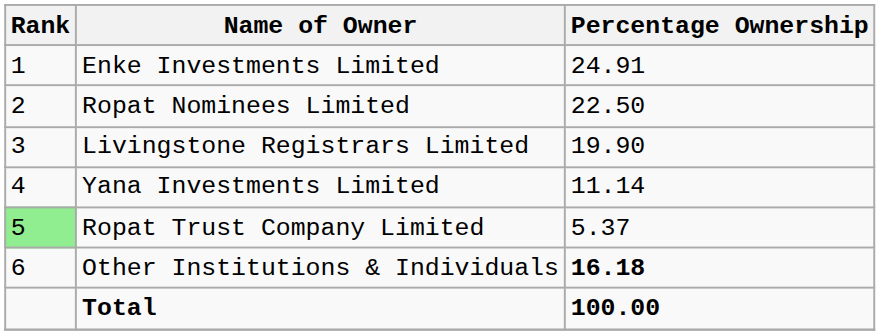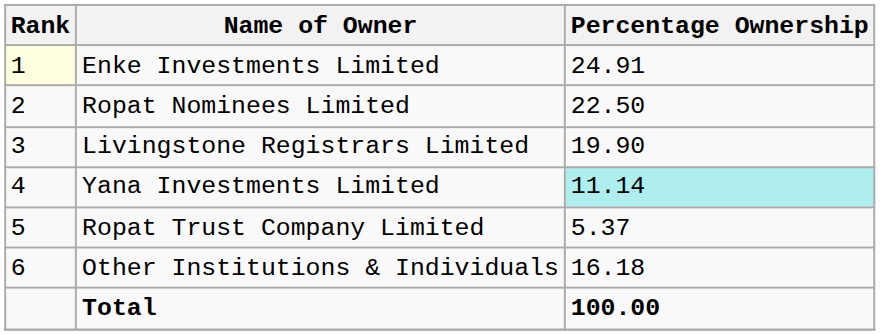 <table class="wikitable sortable" style="margin: 0.5em auto">
 <tr>
 <th>Rank</th>
 <th>Name of Owner</th>
 <th>Percentage Ownership</th>
 </tr>
 <tr>
-<td>1</td>
+<td style="background: lightyellow;">1</td>
 <td>Enke Investments Limited</td>
 <td>24.91</td>
 </tr>
 <tr>
 <td>2</td>
 <td>Ropat Nominees Limited</td>
 <td>22.50</td>
 </tr>
 <tr>
 <td>3</td>
 <td>Livingstone Registrars Limited</td>
 <td>19.90</td>
 </tr>
 <tr>
 <td>4</td>
 <td>Yana Investments Limited</td>
-<td>11.14</td>
+<td style="background: paleturquoise;">11.14</td>
 </tr>
 <tr>
-<td style="background: lightgreen;">5</td>
+<td>5</td>
 <td>Ropat Trust Company Limited</td>
 <td>5.37</td>
 </tr>
 <tr>
 <td>6</td>
 <td>Other Institutions & Individuals</td>
-<td><strong>16.18</strong></td>
+<td>16.18</td>
 </tr>
 <tr>
 <td></td>
 <td><strong>Total</strong></td>
 <td><strong>100.00</strong></td>
 </tr>
 <tr>
 </tr>
 </table>
